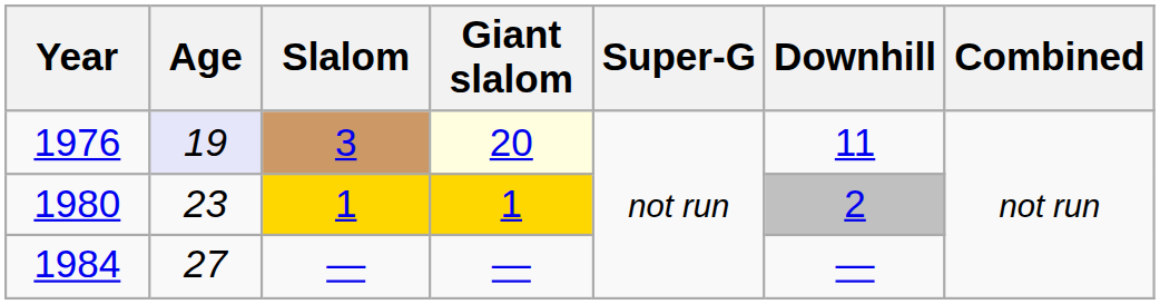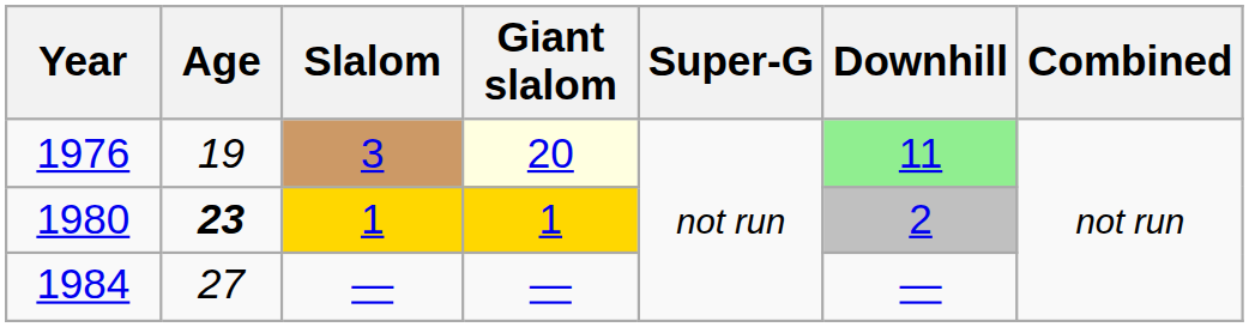 <table class=wikitable style="text-align:center">
 <tr>
 <th>  Year  </th>
 <th> Age </th>
 <th> Slalom </th>
 <th> Giant <br> slalom </th>
 <th>Super-G</th>
 <th>Downhill</th>
 <th>Combined</th>
 </tr>
 <tr>
 <td><a href='#'>1976</a></td>
-<td style="background: lavender;"><em>19</em></td>
+<td><em>19</em></td>
 <td style="background:#c96;"><a href='#'>3</a></td>
 <td style="background: lightyellow;"><a href='#'>20</a></td>
 <td rowspan=3><small><em>not run</em></small></td>
-<td><a href='#'>11</a></td>
+<td style="background: lightgreen;"><a href='#'>11</a></td>
 <td rowspan=3><small><em>not run</em></small></td>
 </tr>
 <tr>
 <td><a href='#'>1980</a></td>
-<td><em>23</em></td>
+<td><strong><em>23</em></strong></td>
 <td style="background:gold;"><a href='#'>1</a></td>
 <td style="background:gold;"><a href='#'>1</a></td>
 <td style="background:silver;"><a href='#'>2</a></td>
 </tr>
 <tr>
 <td><a href='#'>1984</a></td>
 <td><em>27</em></td>
 <td><a href='#'>—</a></td>
 <td><a href='#'>—</a></td>
 <td><a href='#'>—</a></td>
 </tr>
 </table>
